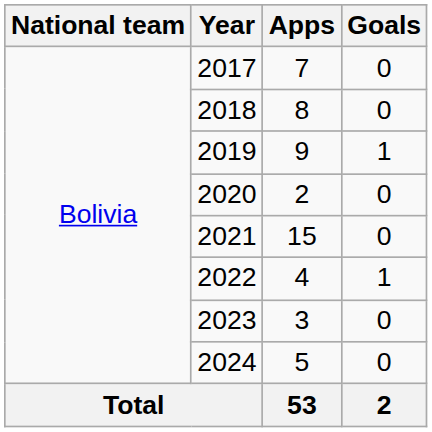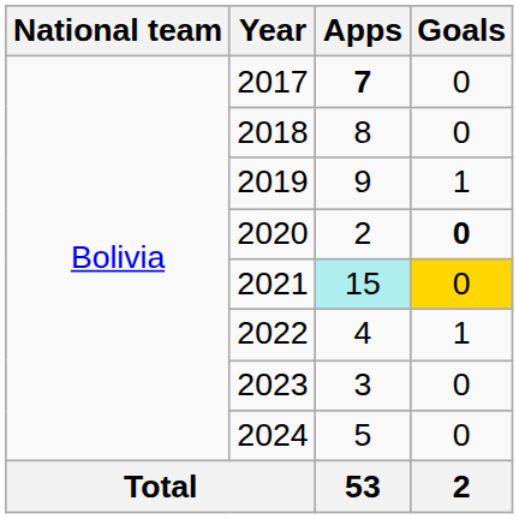 <table class="wikitable" style="text-align:center">
 <tr>
 <th>National team</th>
 <th>Year</th>
 <th>Apps</th>
 <th>Goals</th>
 </tr>
 <tr>
 <td rowspan="8"><a href='#'>Bolivia</a></td>
 <td>2017</td>
-<td>7</td>
+<td><strong>7</strong></td>
 <td>0</td>
 </tr>
 <tr>
 <td>2018</td>
 <td>8</td>
 <td>0</td>
 </tr>
 <tr>
 <td>2019</td>
 <td>9</td>
 <td>1</td>
 </tr>
 <tr>
 <td>2020</td>
 <td>2</td>
-<td>0</td>
+<td><strong>0</strong></td>
 </tr>
 <tr>
 <td>2021</td>
-<td>15</td>
-<td>0</td>
+<td style="background: paleturquoise;">15</td>
+<td style="background: gold;">0</td>
 </tr>
 <tr>
 <td>2022</td>
 <td>4</td>
 <td>1</td>
 </tr>
 <tr>
 <td>2023</td>
 <td>3</td>
 <td>0</td>
 </tr>
 <tr>
 <td>2024</td>
 <td>5</td>
 <td>0</td>
 </tr>
 <tr>
 <th colspan="2">Total</th>
 <th>53</th>
 <th>2</th>
 </tr>
 </table>
